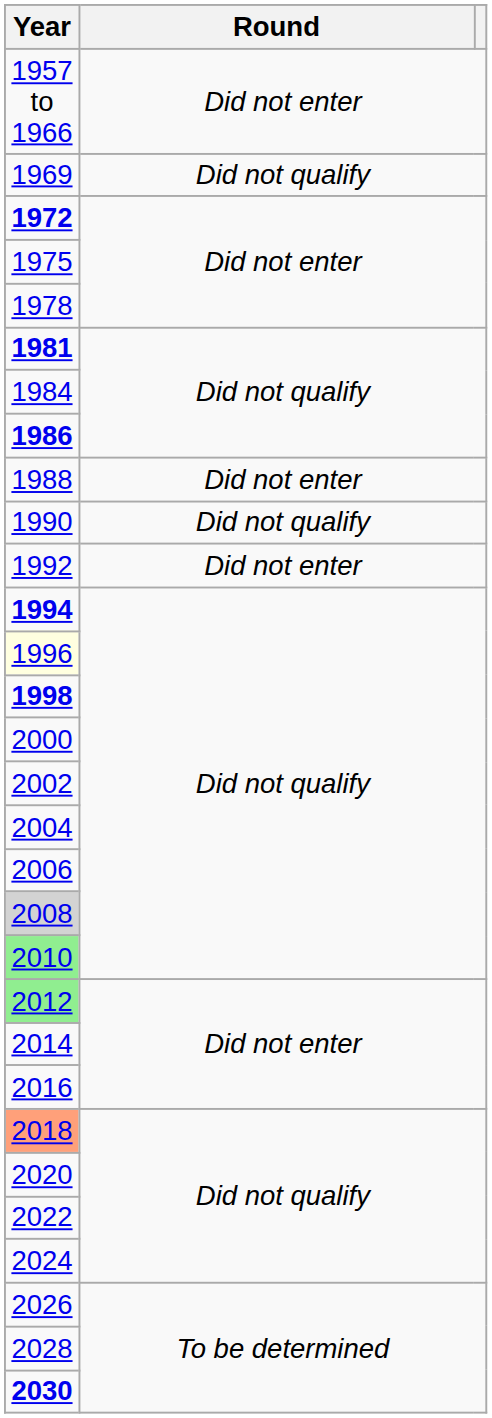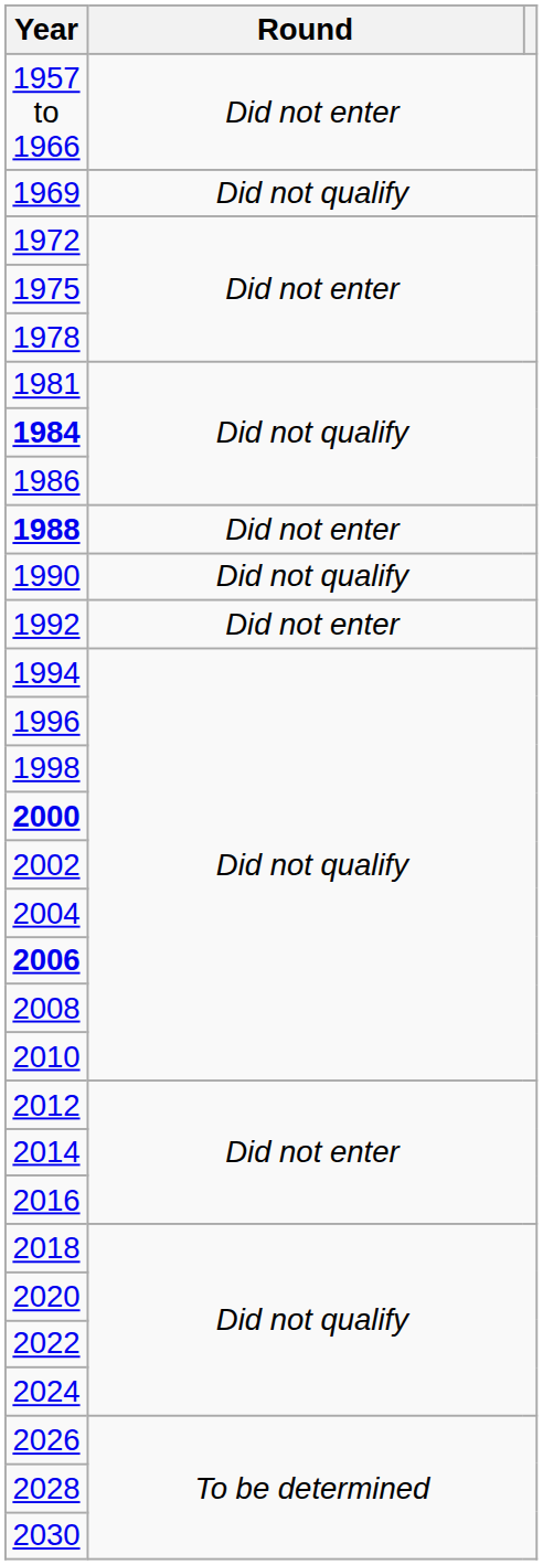 <table class="wikitable" style="text-align: center; font-size:90%">
 <tr>
 <th>Year</th>
 <th style="width:200px">Round</th>
 <th></th>
 </tr>
 <tr>
 <td><a href='#'>1957</a><br>to<br><a href='#'>1966</a></td>
 <td colspan="2"><em>Did not enter</em></td>
 </tr>
 <tr>
 <td><a href='#'>1969</a></td>
 <td colspan="2"><em>Did not qualify</em></td>
 </tr>
 <tr>
-<td><strong><a href='#'>1972</a></strong></td>
+<td><a href='#'>1972</a></td>
 <td colspan="2" rowspan="3"><em>Did not enter</em></td>
 </tr>
 <tr>
 <td><a href='#'>1975</a></td>
 </tr>
 <tr>
 <td><a href='#'>1978</a></td>
 </tr>
 <tr>
-<td><strong><a href='#'>1981</a></strong></td>
+<td><a href='#'>1981</a></td>
 <td colspan="2" rowspan="3"><em>Did not qualify</em></td>
 </tr>
 <tr>
-<td><a href='#'>1984</a></td>
+<td><strong><a href='#'>1984</a></strong></td>
 </tr>
 <tr>
-<td><strong><a href='#'>1986</a></strong></td>
+<td><a href='#'>1986</a></td>
 </tr>
 <tr>
-<td><a href='#'>1988</a></td>
+<td><strong><a href='#'>1988</a></strong></td>
 <td colspan="2"><em>Did not enter</em></td>
 </tr>
 <tr>
 <td><a href='#'>1990</a></td>
 <td colspan="2"><em>Did not qualify</em></td>
 </tr>
 <tr>
 <td><a href='#'>1992</a></td>
 <td colspan="2"><em>Did not enter</em></td>
 </tr>
 <tr>
-<td><strong><a href='#'>1994</a></strong></td>
+<td><a href='#'>1994</a></td>
 <td colspan="2" rowspan="9"><em>Did not qualify</em></td>
 </tr>
 <tr>
-<td style="background: lightyellow;"><a href='#'>1996</a></td>
+<td><a href='#'>1996</a></td>
 </tr>
 <tr>
-<td><strong><a href='#'>1998</a></strong></td>
+<td><a href='#'>1998</a></td>
 </tr>
 <tr>
-<td><a href='#'>2000</a></td>
+<td><strong><a href='#'>2000</a></strong></td>
 </tr>
 <tr>
 <td><a href='#'>2002</a></td>
 </tr>
 <tr>
 <td><a href='#'>2004</a></td>
 </tr>
 <tr>
-<td><a href='#'>2006</a></td>
+<td><strong><a href='#'>2006</a></strong></td>
 </tr>
 <tr>
-<td style="background: lightgrey;"><a href='#'>2008</a></td>
+<td><a href='#'>2008</a></td>
 </tr>
 <tr>
-<td style="background: lightgreen;"><a href='#'>2010</a></td>
+<td><a href='#'>2010</a></td>
 </tr>
 <tr>
-<td style="background: lightgreen;"><a href='#'>2012</a></td>
+<td><a href='#'>2012</a></td>
 <td colspan="2" rowspan="3"><em>Did not enter</em></td>
 </tr>
 <tr>
 <td><a href='#'>2014</a></td>
 </tr>
 <tr>
 <td><a href='#'>2016</a></td>
 </tr>
 <tr>
-<td style="background: lightsalmon;"><a href='#'>2018</a></td>
+<td><a href='#'>2018</a></td>
 <td colspan="2" rowspan="4"><em>Did not qualify</em></td>
 </tr>
 <tr>
 <td><a href='#'>2020</a></td>
 </tr>
 <tr>
 <td><a href='#'>2022</a></td>
 </tr>
 <tr>
 <td><a href='#'>2024</a></td>
 </tr>
 <tr>
 <td><a href='#'>2026</a></td>
 <td colspan="2" rowspan="3"><em>To be determined</em></td>
 </tr>
 <tr>
 <td><a href='#'>2028</a></td>
 </tr>
 <tr>
-<td><strong><a href='#'>2030</a></strong></td>
+<td><a href='#'>2030</a></td>
 </tr>
 </table>
